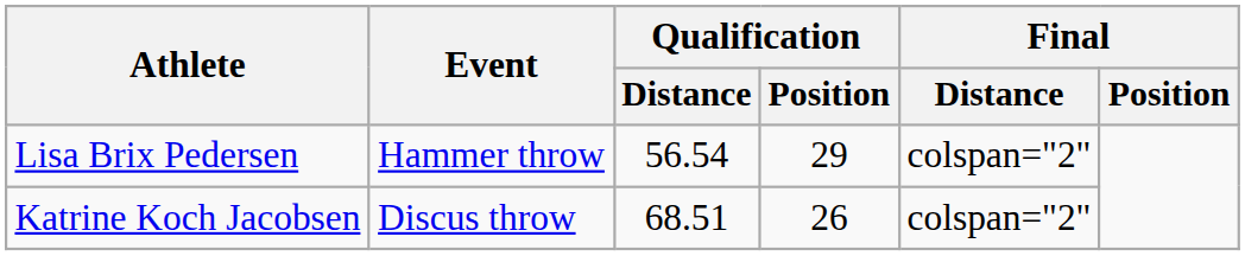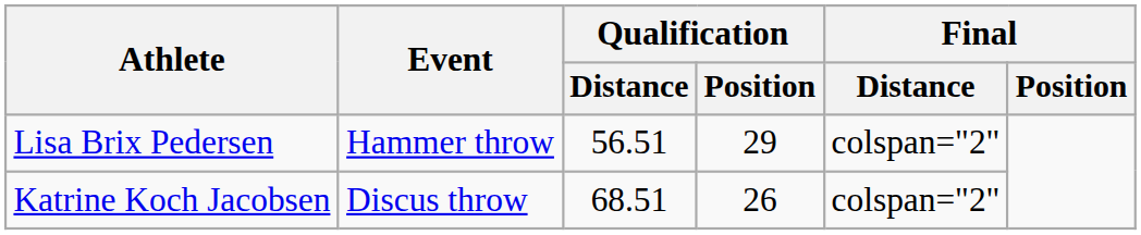 <table class="wikitable" style="font-size:90%">
 <tr>
 <th rowspan="2">Athlete</th>
 <th rowspan="2">Event</th>
 <th colspan="2">Qualification</th>
 <th colspan="2">Final</th>
 </tr>
 <tr style="font-size:95%">
 <th>Distance</th>
 <th>Position</th>
 <th>Distance</th>
 <th>Position</th>
 </tr>
 <tr align="center">
 <td align="left"><a href='#'>Lisa Brix Pedersen</a></td>
 <td align="left"><a href='#'>Hammer throw</a></td>
-<td>56.54</td>
+<td>56.51</td>
 <td>29</td>
 <td>colspan="2" </td>
 </tr>
 <tr align="center">
 <td align="left"><a href='#'>Katrine Koch Jacobsen</a></td>
 <td align="left"><a href='#'>Discus throw</a></td>
 <td>68.51</td>
 <td>26</td>
 <td>colspan="2" </td>
 </tr>
 </table>
